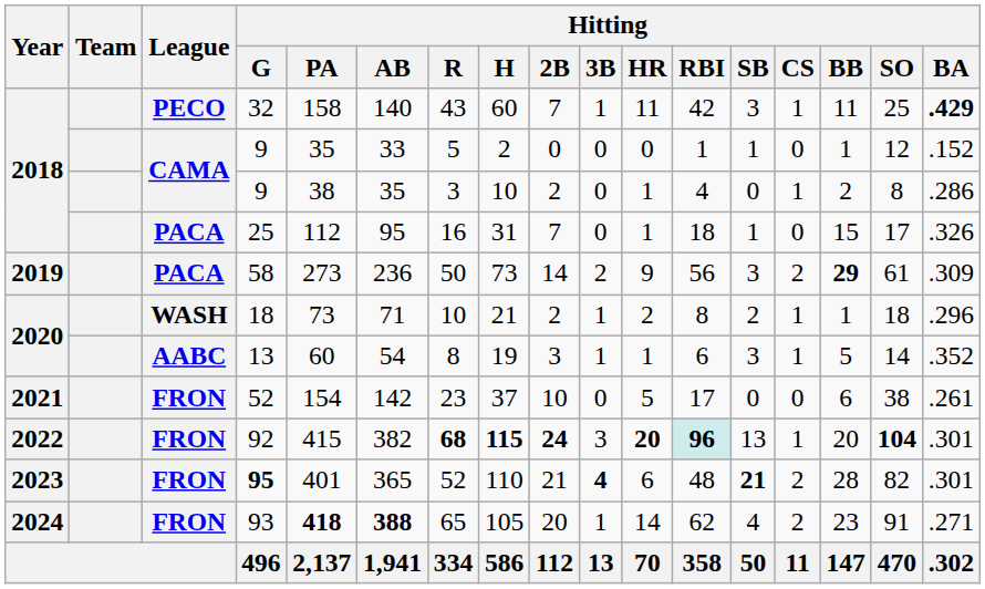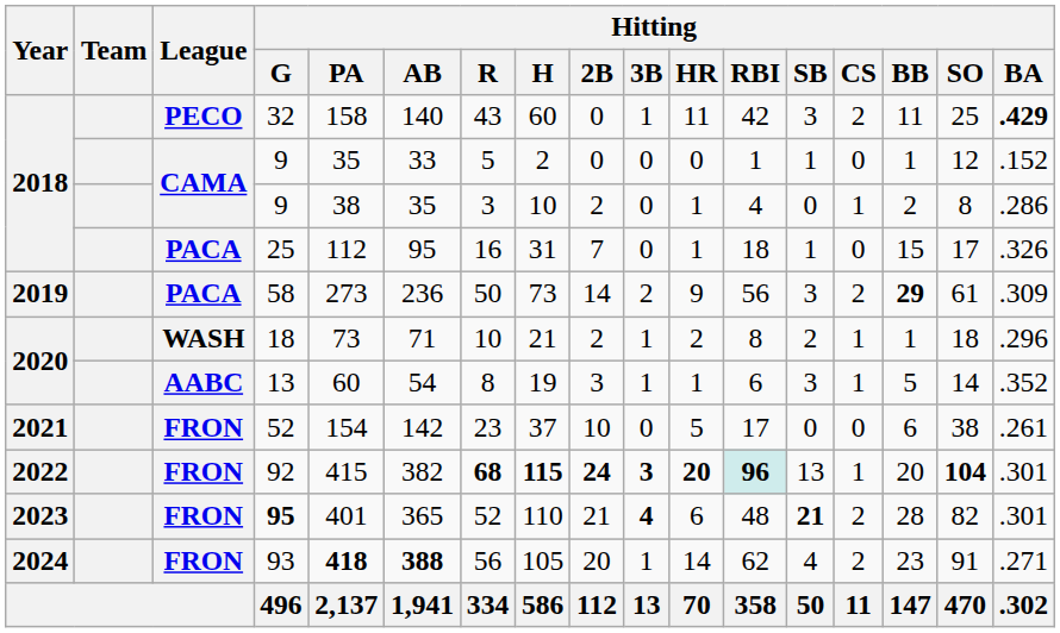 <table class="wikitable" style="text-align:center;">
 <tr>
 <th rowspan="2">Year</th>
 <th rowspan="2">Team</th>
 <th rowspan="2">League</th>
 <th colspan="14">Hitting</th>
 </tr>
 <tr>
 <th>G</th>
 <th>PA</th>
 <th>AB</th>
 <th>R</th>
 <th>H</th>
 <th>2B</th>
 <th>3B</th>
 <th>HR</th>
 <th>RBI</th>
 <th>SB</th>
 <th>CS</th>
 <th>BB</th>
 <th>SO</th>
 <th>BA</th>
 </tr>
 <tr>
 <th rowspan="4">2018</th>
 <th><a href='#'></a></th>
 <th><a href='#'>PECO</a></th>
 <td>32</td>
 <td>158</td>
 <td>140</td>
 <td>43</td>
 <td>60</td>
-<td>7</td>
+<td>0</td>
 <td>1</td>
 <td>11</td>
 <td>42</td>
 <td>3</td>
-<td>1</td>
+<td>2</td>
 <td>11</td>
 <td>25</td>
 <td><strong>.429</strong></td>
 </tr>
 <tr>
 <th><a href='#'></a></th>
 <th rowspan="2"><a href='#'>CAMA</a></th>
 <td>9</td>
 <td>35</td>
 <td>33</td>
 <td>5</td>
 <td>2</td>
 <td>0</td>
 <td>0</td>
 <td>0</td>
 <td>1</td>
 <td>1</td>
 <td>0</td>
 <td>1</td>
 <td>12</td>
 <td>.152</td>
 </tr>
 <tr>
 <th><a href='#'></a></th>
 <td>9</td>
 <td>38</td>
 <td>35</td>
 <td>3</td>
 <td>10</td>
 <td>2</td>
 <td>0</td>
 <td>1</td>
 <td>4</td>
 <td>0</td>
 <td>1</td>
 <td>2</td>
 <td>8</td>
 <td>.286</td>
 </tr>
 <tr>
 <th><a href='#'></a></th>
 <th><a href='#'>PACA</a></th>
 <td>25</td>
 <td>112</td>
 <td>95</td>
 <td>16</td>
 <td>31</td>
 <td>7</td>
 <td>0</td>
 <td>1</td>
 <td>18</td>
 <td>1</td>
 <td>0</td>
 <td>15</td>
 <td>17</td>
 <td>.326</td>
 </tr>
 <tr>
 <th>2019</th>
 <th><a href='#'></a></th>
 <th><a href='#'>PACA</a></th>
 <td>58</td>
 <td>273</td>
 <td>236</td>
 <td>50</td>
 <td>73</td>
 <td>14</td>
 <td>2</td>
 <td>9</td>
 <td>56</td>
 <td>3</td>
 <td>2</td>
 <td><strong>29</strong></td>
 <td>61</td>
 <td>.309</td>
 </tr>
 <tr>
 <th rowspan="2">2020</th>
 <th><a href='#'></a></th>
 <th>WASH</th>
 <td>18</td>
 <td>73</td>
 <td>71</td>
 <td>10</td>
 <td>21</td>
 <td>2</td>
 <td>1</td>
 <td>2</td>
 <td>8</td>
 <td>2</td>
 <td>1</td>
 <td>1</td>
 <td>18</td>
 <td>.296</td>
 </tr>
 <tr>
 <th><a href='#'></a></th>
 <th><a href='#'>AABC</a></th>
 <td>13</td>
 <td>60</td>
 <td>54</td>
 <td>8</td>
 <td>19</td>
 <td>3</td>
 <td>1</td>
 <td>1</td>
 <td>6</td>
 <td>3</td>
 <td>1</td>
 <td>5</td>
 <td>14</td>
 <td>.352</td>
 </tr>
 <tr>
 <th>2021</th>
 <th><a href='#'></a></th>
 <th><a href='#'>FRON</a></th>
 <td>52</td>
 <td>154</td>
 <td>142</td>
 <td>23</td>
 <td>37</td>
 <td>10</td>
 <td>0</td>
 <td>5</td>
 <td>17</td>
 <td>0</td>
 <td>0</td>
 <td>6</td>
 <td>38</td>
 <td>.261</td>
 </tr>
 <tr>
 <th>2022</th>
 <th><a href='#'></a></th>
 <th><a href='#'>FRON</a></th>
 <td>92</td>
 <td>415</td>
 <td>382</td>
 <td><strong>68</strong></td>
 <td><strong>115</strong></td>
 <td><strong>24</strong></td>
-<td>3</td>
+<td><strong>3</strong></td>
 <td><strong>20</strong></td>
 <td style="background:#cfecec;"><strong>96</strong></td>
 <td>13</td>
 <td>1</td>
 <td>20</td>
 <td><strong>104</strong></td>
 <td>.301</td>
 </tr>
 <tr>
 <th>2023</th>
 <th><a href='#'></a></th>
 <th><a href='#'>FRON</a></th>
 <td><strong>95</strong></td>
 <td>401</td>
 <td>365</td>
 <td>52</td>
 <td>110</td>
 <td>21</td>
 <td><strong>4</strong></td>
 <td>6</td>
 <td>48</td>
 <td><strong>21</strong></td>
 <td>2</td>
 <td>28</td>
 <td>82</td>
 <td>.301</td>
 </tr>
 <tr>
 <th>2024</th>
 <th><a href='#'></a></th>
 <th><a href='#'>FRON</a></th>
 <td>93</td>
 <td><strong>418</strong></td>
 <td><strong>388</strong></td>
-<td>65</td>
+<td>56</td>
 <td>105</td>
 <td>20</td>
 <td>1</td>
 <td>14</td>
 <td>62</td>
 <td>4</td>
 <td>2</td>
 <td>23</td>
 <td>91</td>
 <td>.271</td>
 </tr>
 <tr>
 <th align=center colspan="3"></th>
 <th>496</th>
 <th>2,137</th>
 <th>1,941</th>
 <th>334</th>
 <th>586</th>
 <th>112</th>
 <th>13</th>
 <th>70</th>
 <th>358</th>
 <th>50</th>
 <th>11</th>
 <th>147</th>
 <th>470</th>
 <th>.302</th>
 </tr>
 </table>
